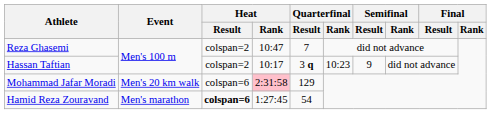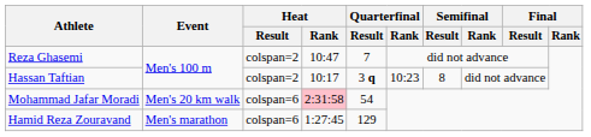 <table class="wikitable" style="font-size:90%; text-align:center">
 <tr>
 <th rowspan=2>Athlete</th>
 <th rowspan=2>Event</th>
 <th colspan=2>Heat</th>
 <th colspan=2>Quarterfinal</th>
 <th colspan=2>Semifinal</th>
 <th colspan=2>Final</th>
 </tr>
 <tr style="font-size:95%">
 <th>Result</th>
 <th>Rank</th>
 <th>Result</th>
 <th>Rank</th>
 <th>Result</th>
 <th>Rank</th>
 <th>Result</th>
 <th>Rank</th>
 </tr>
 <tr align=center>
 <td align=left><a href='#'>Reza Ghasemi</a></td>
 <td rowspan=2 align=left><a href='#'>Men's 100 m</a></td>
 <td>colspan=2 </td>
 <td>10:47</td>
 <td>7</td>
 <td colspan=4>did not advance</td>
 </tr>
 <tr align=center>
 <td align=left><a href='#'>Hassan Taftian</a></td>
 <td>colspan=2 </td>
 <td>10:17</td>
 <td>3 <strong>q</strong></td>
 <td>10:23</td>
-<td>9</td>
+<td>8</td>
 <td colspan=2>did not advance</td>
 </tr>
 <tr align=center>
 <td align=left><a href='#'>Mohammad Jafar Moradi</a></td>
 <td align=left><a href='#'>Men's 20 km walk</a></td>
 <td>colspan=6 </td>
 <td style="background: pink;">2:31:58</td>
-<td>129</td>
+<td>54</td>
 </tr>
 <tr align=center>
 <td align=left><a href='#'>Hamid Reza Zouravand</a></td>
 <td align=left><a href='#'>Men's marathon</a></td>
-<td><strong>colspan=6 </strong></td>
+<td>colspan=6 </td>
 <td>1:27:45</td>
-<td>54</td>
+<td>129</td>
 </tr>
 </table>
